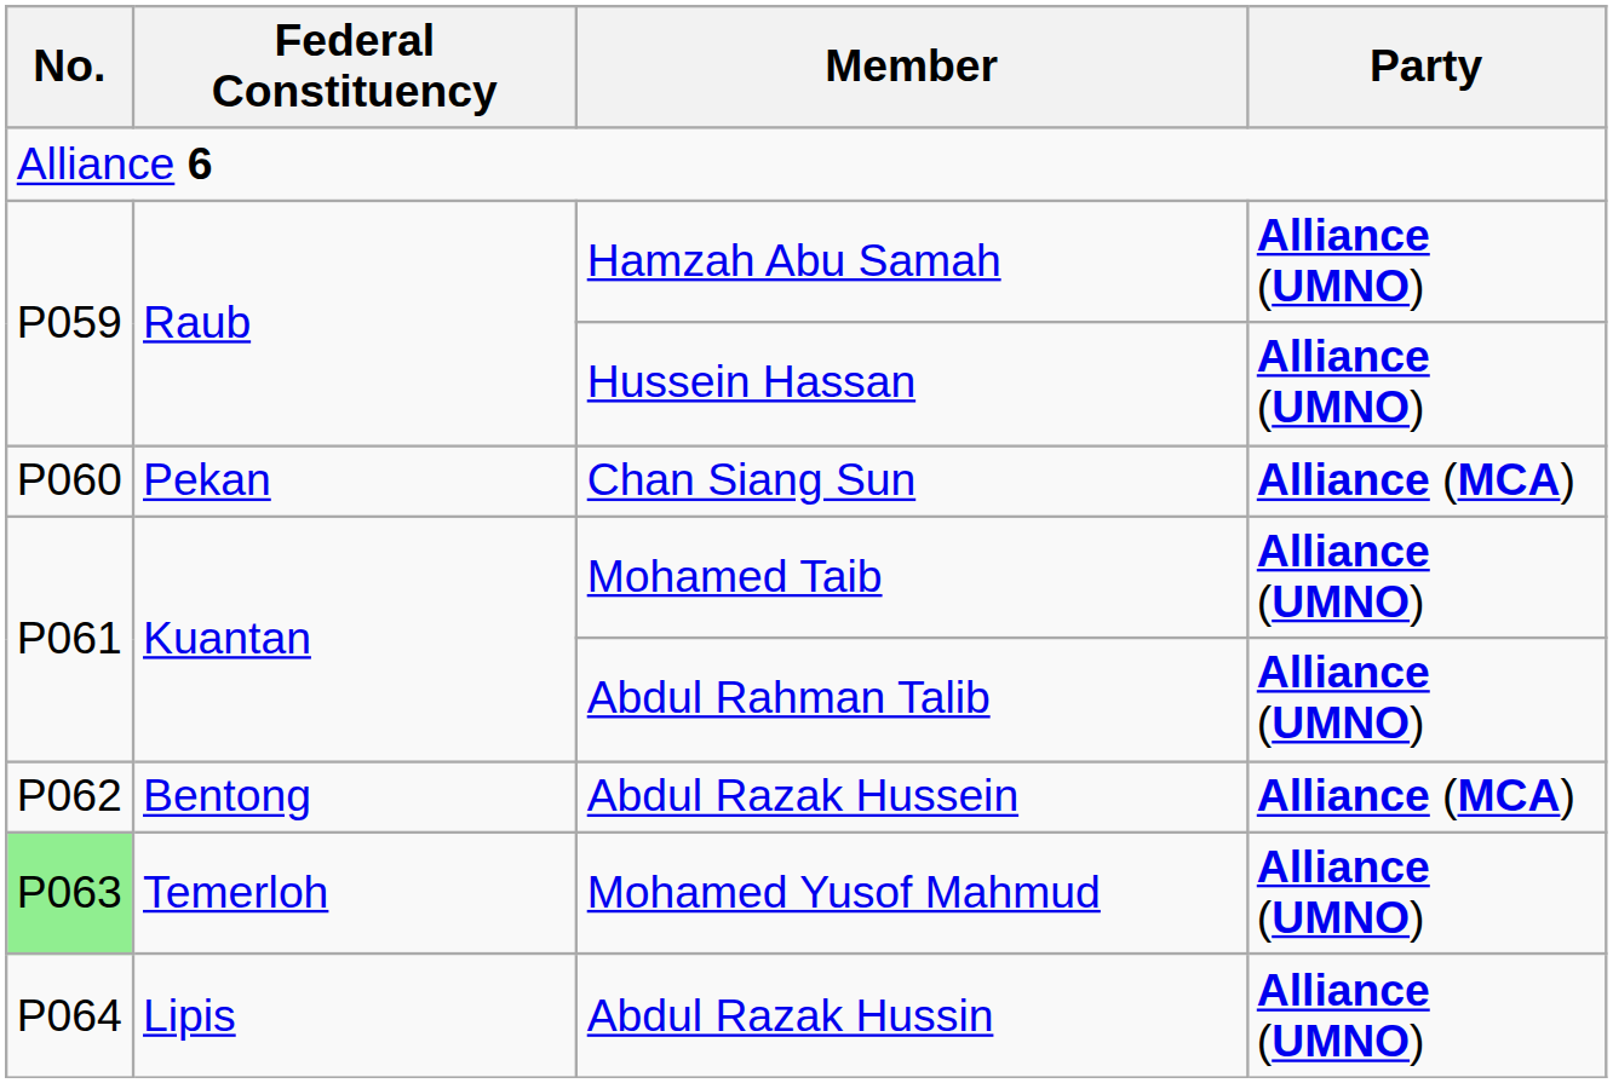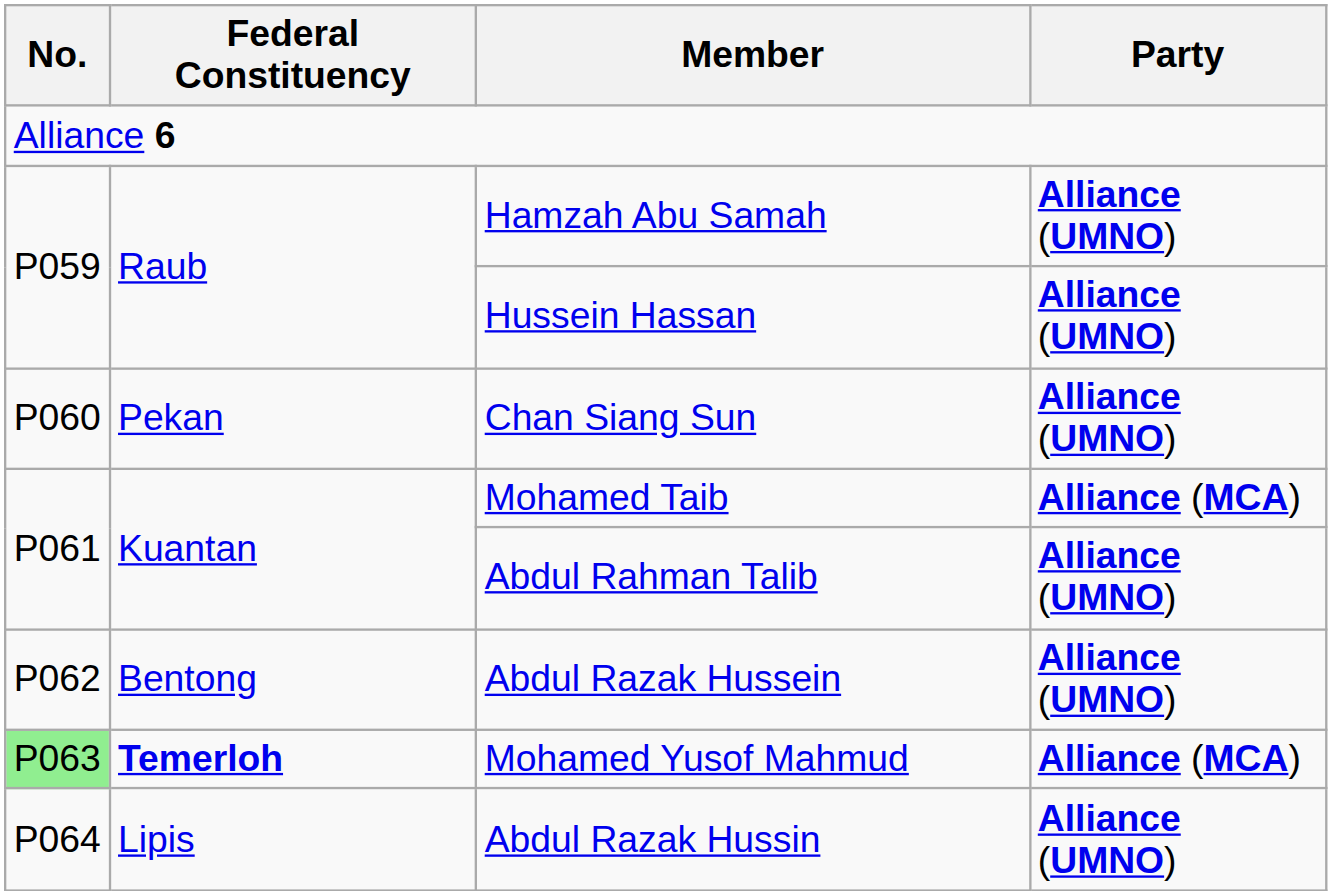 <table class="wikitable sortable">
 <tr>
 <th style="width:30px;">No.</th>
 <th style="width:150px;">Federal Constituency</th>
 <th style="width:230px;">Member</th>
 <th style="width:120px;">Party</th>
 </tr>
 <tr>
 <td colspan="4"><a href='#'>Alliance</a> <strong>6</strong></td>
 </tr>
 <tr>
 <td rowspan=2>P059</td>
 <td rowspan=2><a href='#'>Raub</a></td>
 <td><a href='#'>Hamzah Abu Samah</a> </td>
 <td><strong><a href='#'>Alliance</a></strong> (<strong><a href='#'>UMNO</a></strong>)</td>
 </tr>
 <tr>
 <td><a href='#'>Hussein Hassan</a> </td>
 <td><strong><a href='#'>Alliance</a></strong> (<strong><a href='#'>UMNO</a></strong>)</td>
 </tr>
 <tr>
 <td>P060</td>
 <td><a href='#'>Pekan</a></td>
 <td><a href='#'>Chan Siang Sun</a></td>
-<td><strong><a href='#'>Alliance</a></strong> (<strong><a href='#'>MCA</a></strong>)</td>
+<td><strong><a href='#'>Alliance</a></strong> (<strong><a href='#'>UMNO</a></strong>)</td>
 </tr>
 <tr>
 <td rowspan=2>P061</td>
 <td rowspan=2><a href='#'>Kuantan</a></td>
 <td><a href='#'>Mohamed Taib</a> </td>
-<td><strong><a href='#'>Alliance</a></strong> (<strong><a href='#'>UMNO</a></strong>)</td>
+<td><strong><a href='#'>Alliance</a></strong> (<strong><a href='#'>MCA</a></strong>)</td>
 </tr>
 <tr>
 <td><a href='#'>Abdul Rahman Talib</a> </td>
 <td><strong><a href='#'>Alliance</a></strong> (<strong><a href='#'>UMNO</a></strong>)</td>
 </tr>
 <tr>
 <td>P062</td>
 <td><a href='#'>Bentong</a></td>
 <td><a href='#'>Abdul Razak Hussein</a></td>
-<td><strong><a href='#'>Alliance</a></strong> (<strong><a href='#'>MCA</a></strong>)</td>
+<td><strong><a href='#'>Alliance</a></strong> (<strong><a href='#'>UMNO</a></strong>)</td>
 </tr>
 <tr>
 <td style="background: lightgreen;">P063</td>
-<td><a href='#'>Temerloh</a></td>
+<td><strong><a href='#'>Temerloh</a></strong></td>
 <td><a href='#'>Mohamed Yusof Mahmud</a></td>
-<td><strong><a href='#'>Alliance</a></strong> (<strong><a href='#'>UMNO</a></strong>)</td>
+<td><strong><a href='#'>Alliance</a></strong> (<strong><a href='#'>MCA</a></strong>)</td>
 </tr>
 <tr>
 <td>P064</td>
 <td><a href='#'>Lipis</a></td>
 <td><a href='#'>Abdul Razak Hussin</a></td>
 <td><strong><a href='#'>Alliance</a></strong> (<strong><a href='#'>UMNO</a></strong>)</td>
 </tr>
 </table>
